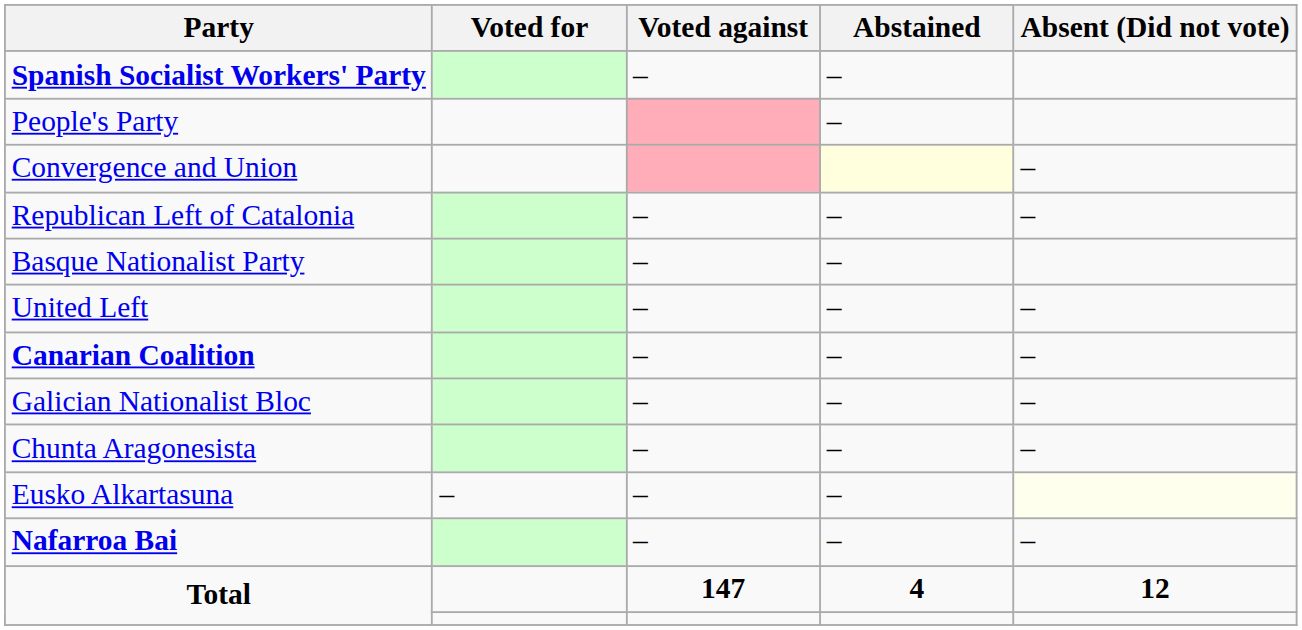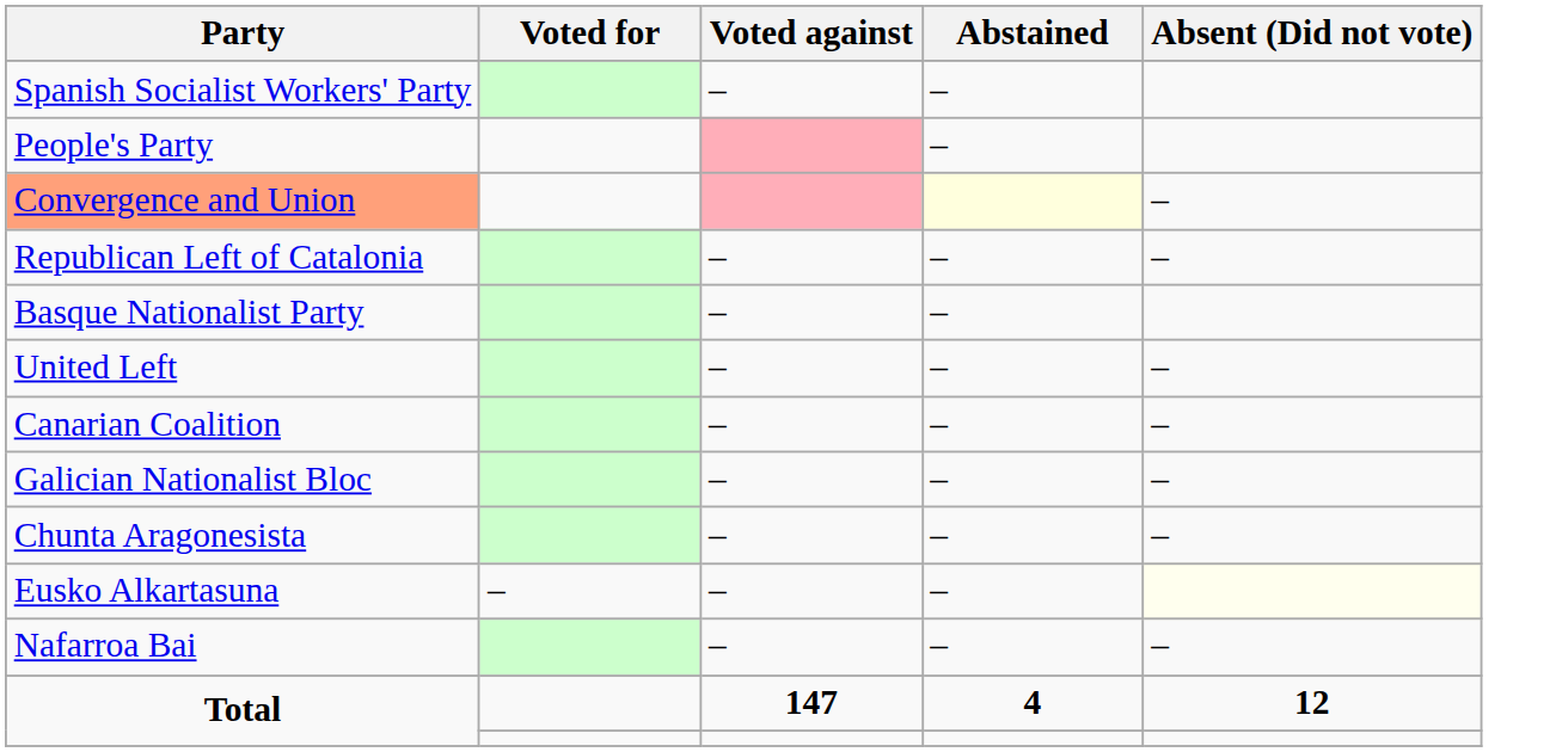 <table class="wikitable">
 <tr>
 <th>Party</th>
 <th style="width:15%;">Voted for</th>
 <th style="width:15%;">Voted against</th>
 <th style="width:15%;">Abstained</th>
 <th>Absent (Did not vote)</th>
 </tr>
 <tr>
-<td><strong> <a href='#'>Spanish Socialist Workers' Party</a></strong></td>
+<td> <a href='#'>Spanish Socialist Workers' Party</a></td>
 <td style="background-color:#CCFFCC;"></td>
 <td>–</td>
 <td>–</td>
 <td></td>
 </tr>
 <tr>
 <td> <a href='#'>People's Party</a></td>
 <td></td>
 <td style="background-color:#FFAEB9;"></td>
 <td>–</td>
 <td></td>
 </tr>
 <tr>
-<td> <a href='#'>Convergence and Union</a></td>
+<td style="background: lightsalmon;"> <a href='#'>Convergence and Union</a></td>
 <td></td>
 <td style="background-color:#FFAEB9;"></td>
 <td style="background-color:#FFD;"></td>
 <td>–</td>
 </tr>
 <tr>
 <td> <a href='#'>Republican Left of Catalonia</a></td>
 <td style="background-color:#CCFFCC;"></td>
 <td>–</td>
 <td>–</td>
 <td>–</td>
 </tr>
 <tr>
 <td> <a href='#'>Basque Nationalist Party</a></td>
 <td style="background-color:#CCFFCC;"></td>
 <td>–</td>
 <td>–</td>
 <td></td>
 </tr>
 <tr>
 <td> <a href='#'>United Left</a></td>
 <td style="background-color:#CCFFCC;"></td>
 <td>–</td>
 <td>–</td>
 <td>–</td>
 </tr>
 <tr>
-<td><strong> <a href='#'>Canarian Coalition</a></strong></td>
+<td> <a href='#'>Canarian Coalition</a></td>
 <td style="background-color:#CCFFCC;"></td>
 <td>–</td>
 <td>–</td>
 <td>–</td>
 </tr>
 <tr>
 <td> <a href='#'>Galician Nationalist Bloc</a></td>
 <td style="background-color:#CCFFCC;"></td>
 <td>–</td>
 <td>–</td>
 <td>–</td>
 </tr>
 <tr>
 <td> <a href='#'>Chunta Aragonesista</a></td>
 <td style="background-color:#CCFFCC;"></td>
 <td>–</td>
 <td>–</td>
 <td>–</td>
 </tr>
 <tr>
 <td> <a href='#'>Eusko Alkartasuna</a></td>
 <td>–</td>
 <td>–</td>
 <td>–</td>
 <td style="background-color:#FFE;"></td>
 </tr>
 <tr>
-<td><strong> <a href='#'>Nafarroa Bai</a></strong></td>
+<td> <a href='#'>Nafarroa Bai</a></td>
 <td style="background-color:#CCFFCC;"></td>
 <td>–</td>
 <td>–</td>
 <td>–</td>
 </tr>
 <tr>
 <td style="text-align:center;" rowspan="2"><strong>Total</strong></td>
 <td></td>
 <td style="text-align:center;"><strong>147</strong></td>
 <td style="text-align:center;"><strong>4</strong></td>
 <td style="text-align:center;"><strong>12</strong></td>
 </tr>
 <tr>
 <td style="text-align:center;"></td>
 <td style="text-align:center;"></td>
 <td style="text-align:center;"></td>
 <td style="text-align:center;"></td>
 </tr>
 </table>
